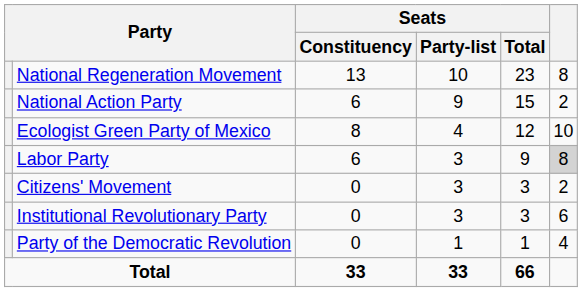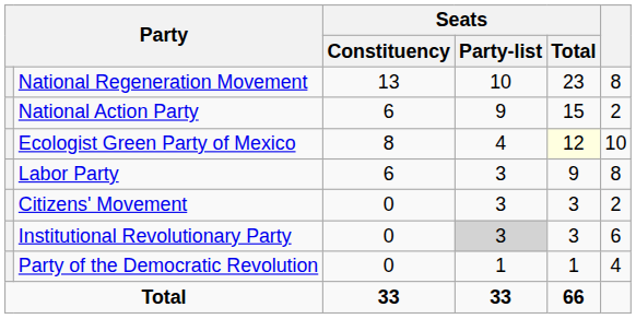 <table class="wikitable" style="text-align:center;">
 <tr>
 <th colspan="2" rowspan="2">Party</th>
 <th colspan="3">Seats</th>
 <th rowspan="2"></th>
 </tr>
 <tr>
 <th style="width:3em"><strong>Constituency</strong></th>
 <th>Party-list</th>
 <th>Total</th>
 </tr>
 <tr>
 <th style="background-color:"></th>
 <td style="text-align:left;"><a href='#'>National Regeneration Movement</a></td>
 <td>13</td>
 <td>10</td>
 <td>23</td>
 <td> 8</td>
 </tr>
 <tr>
 <th style="background-color:"></th>
 <td style="text-align:left;"><a href='#'>National Action Party</a></td>
 <td>6</td>
 <td>9</td>
 <td>15</td>
 <td> 2</td>
 </tr>
 <tr>
 <th style="background-color:"></th>
 <td style="text-align:left;"><a href='#'>Ecologist Green Party of Mexico</a></td>
 <td>8</td>
 <td>4</td>
-<td>12</td>
+<td style="background: lightyellow;">12</td>
 <td> 10</td>
 </tr>
 <tr>
 <th style="background-color:"></th>
 <td style="text-align:left;"><a href='#'>Labor Party</a></td>
 <td>6</td>
 <td>3</td>
 <td>9</td>
-<td style="background: lightgrey;"> 8</td>
+<td> 8</td>
 </tr>
 <tr>
 <th style="background-color:"></th>
 <td style="text-align:left;"><a href='#'>Citizens' Movement</a></td>
 <td>0</td>
 <td>3</td>
 <td>3</td>
 <td> 2</td>
 </tr>
 <tr>
 <th style="background-color:"></th>
 <td style="text-align:left;"><a href='#'>Institutional Revolutionary Party</a></td>
 <td>0</td>
-<td>3</td>
+<td style="background: lightgrey;">3</td>
 <td>3</td>
 <td> 6</td>
 </tr>
 <tr>
 <th style="background-color:"></th>
 <td style="text-align:left;"><a href='#'>Party of the Democratic Revolution</a></td>
 <td>0</td>
 <td>1</td>
 <td>1</td>
 <td> 4</td>
 </tr>
 <tr>
 <td colspan="2"><strong>Total</strong></td>
 <td><strong>33</strong></td>
 <td><strong>33</strong></td>
 <td><strong>66</strong></td>
 <td></td>
 </tr>
 </table>
